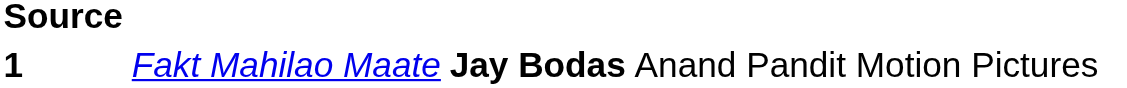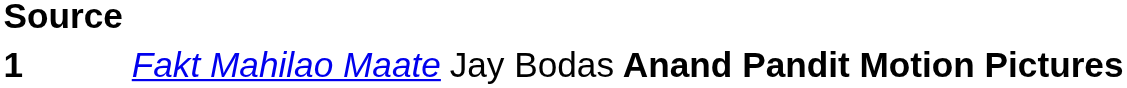 <table class="wiGross">
 <tr>
 <th>Source</th>
 </tr>
 <tr>
 <td><strong>1</strong></td>
 <td><em><a href='#'>Fakt Mahilao Maate</a></em></td>
-<td><strong>Jay Bodas</strong></td>
-<td>Anand Pandit Motion Pictures</td>
+<td>Jay Bodas</td>
+<td><strong>Anand Pandit Motion Pictures</strong></td>
 <td></td>
 <td></td>
 </tr>
 </table>
